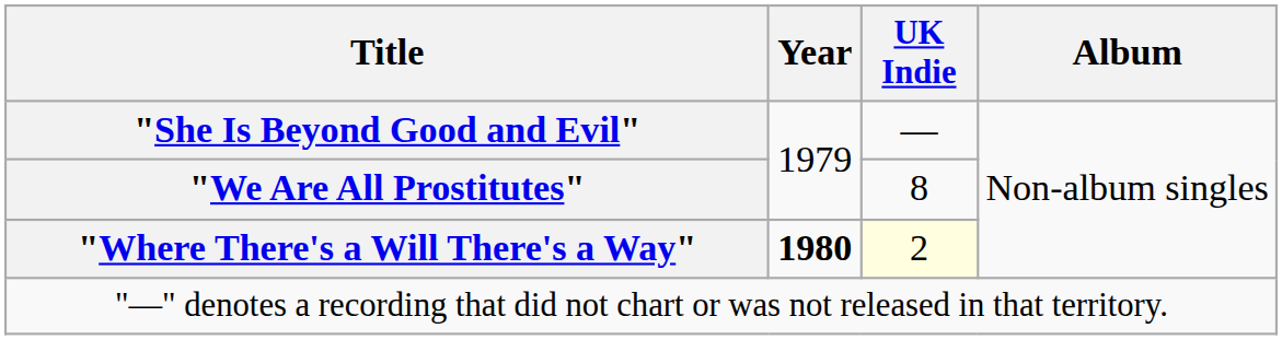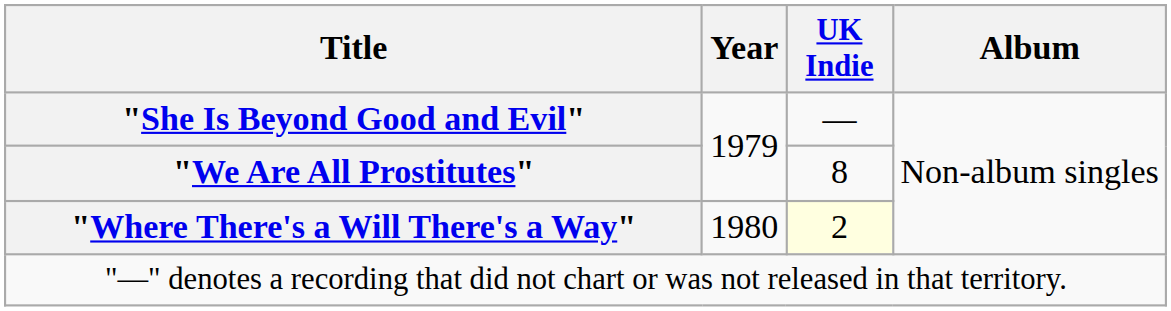 <table class="wikitable plainrowheaders" style="text-align:center;">
 <tr>
 <th scope="col" rowspan="1" style="width:20em;">Title</th>
 <th scope="col" rowspan="1">Year</th>
 <th scope="col" rowspan="1" style="width:3em;font-size:90%;"><a href='#'>UK Indie</a><br></th>
 <th scope="col" rowspan="1">Album</th>
 </tr>
 <tr>
 <th scope="row">"<a href='#'>She Is Beyond Good and Evil</a>"</th>
 <td rowspan="2">1979</td>
 <td>—</td>
 <td rowspan="3">Non-album singles</td>
 </tr>
 <tr>
 <th scope="row">"<a href='#'>We Are All Prostitutes</a>"</th>
 <td>8</td>
 </tr>
 <tr>
 <th scope="row">"<a href='#'>Where There's a Will There's a Way</a>"</th>
-<td rowspan="1"><strong>1980</strong></td>
+<td rowspan="1">1980</td>
 <td style="background: lightyellow;">2</td>
 </tr>
 <tr>
 <td colspan="14" style="font-size:90%">"—" denotes a recording that did not chart or was not released in that territory.</td>
 </tr>
 </table>
